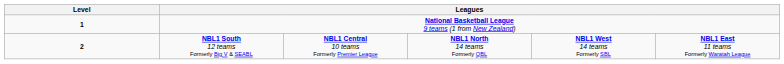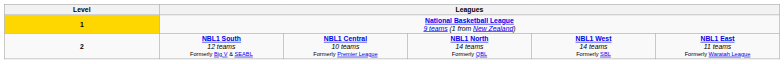 <table class="wikitable" style="text-align: center; font-size: 11px;" width="99%;">
 <tr>
 <th>Level</th>
 <th colspan=6>Leagues</th>
 </tr>
 <tr>
-<td><strong>1</strong></td>
+<td style="background: gold;"><strong>1</strong></td>
 <td colspan=6><strong><a href='#'>National Basketball League</a></strong><br><em><a href='#'>9 teams</a> (1 from <a href='#'>New Zealand</a>)</em></td>
 </tr>
 <tr>
 <td rowspan=2><strong>2</strong></td>
 <td width="16%" rowspan=2><strong><a href='#'>NBL1 South</a></strong><br><em>12 teams</em><br><small> Formerly <a href='#'>Big V</a> & <a href='#'>SEABL</a></small></td>
 <td width="16%" rowspan=2><strong><a href='#'>NBL1 Central</a></strong><br><em>10 teams</em><br><small> Formerly <a href='#'>Premier League</a></small></td>
 <td width="16%" rowspan=2><strong><a href='#'>NBL1 North</a></strong><br><em>14 teams</em> <br><small> Formerly <a href='#'>QBL</a></small></td>
 <td width="16%" rowspan=2><strong><a href='#'>NBL1 West</a></strong><br><em>14 teams</em> <br><small> Formerly <a href='#'>SBL</a></small></td>
 <td width="16%" rowspan=2><strong><a href='#'>NBL1 East</a></strong><br><em>11 teams</em> <br><small> Formerly <a href='#'>Waratah League</a></small></td>
 </tr>
 </table>
